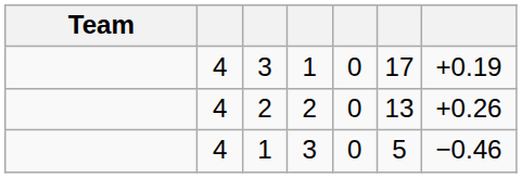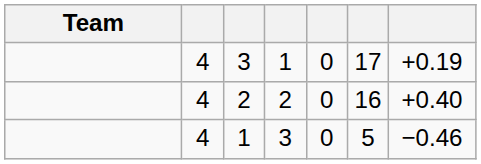 <table class="wikitable" style="text-align:center;">
 <tr>
 <th width="110">Team</th>
 <th width="20"></th>
 <th width="20"></th>
 <th width="20"></th>
 <th width="20"></th>
 <th width="20"></th>
 <th width="50"><a href='#'></a></th>
 </tr>
 <tr>
 <td align=left></td>
 <td>4</td>
 <td>3</td>
 <td>1</td>
 <td>0</td>
 <td>17</td>
 <td>+0.19</td>
 </tr>
 <tr>
 <td align=left></td>
 <td>4</td>
 <td>2</td>
 <td>2</td>
 <td>0</td>
-<td>13</td>
-<td>+0.26</td>
+<td>16</td>
+<td>+0.40</td>
 </tr>
 <tr>
 <td align=left></td>
 <td>4</td>
 <td>1</td>
 <td>3</td>
 <td>0</td>
 <td>5</td>
 <td>−0.46</td>
 </tr>
 </table>
